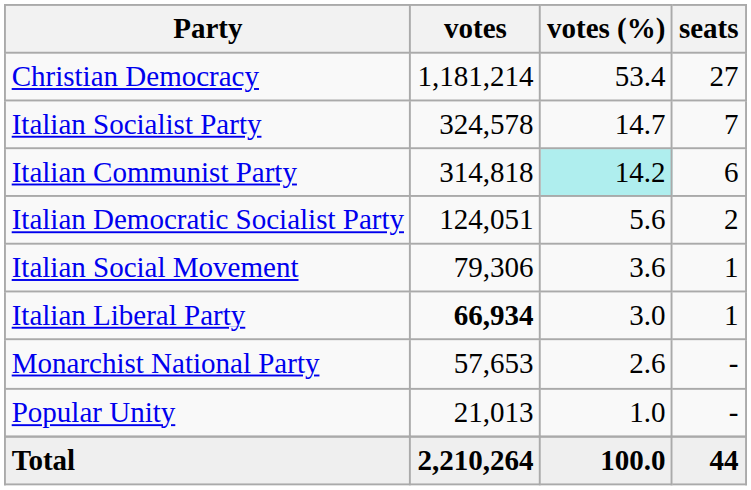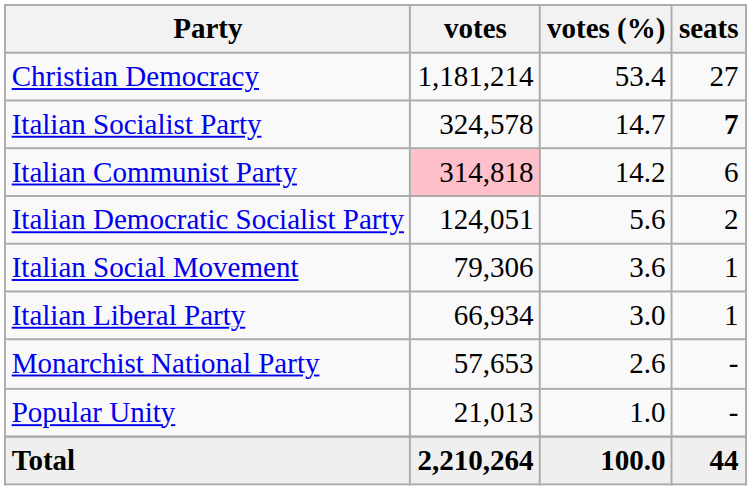 <table class="wikitable" style="font-size:95%">
 <tr bgcolor="EFEFEF">
 <th>Party</th>
 <th>votes</th>
 <th>votes (%)</th>
 <th>seats</th>
 </tr>
 <tr>
 <td><a href='#'>Christian Democracy</a></td>
 <td align=right>1,181,214</td>
 <td align=right>53.4</td>
 <td align=right>27</td>
 </tr>
 <tr>
 <td><a href='#'>Italian Socialist Party</a></td>
 <td align=right>324,578</td>
 <td align=right>14.7</td>
-<td align=right>7</td>
+<td align=right><strong>7</strong></td>
 </tr>
 <tr>
 <td><a href='#'>Italian Communist Party</a></td>
-<td align=right>314,818</td>
-<td align=right style="background: paleturquoise;">14.2</td>
+<td align=right style="background: pink;">314,818</td>
+<td align=right>14.2</td>
 <td align=right>6</td>
 </tr>
 <tr>
 <td><a href='#'>Italian Democratic Socialist Party</a></td>
 <td align=right>124,051</td>
 <td align=right>5.6</td>
 <td align=right>2</td>
 </tr>
 <tr>
 <td><a href='#'>Italian Social Movement</a></td>
 <td align=right>79,306</td>
 <td align=right>3.6</td>
 <td align=right>1</td>
 </tr>
 <tr>
 <td><a href='#'>Italian Liberal Party</a></td>
-<td align=right><strong>66,934</strong></td>
+<td align=right>66,934</td>
 <td align=right>3.0</td>
 <td align=right>1</td>
 </tr>
 <tr>
 <td><a href='#'>Monarchist National Party</a></td>
 <td align=right>57,653</td>
 <td align=right>2.6</td>
 <td align=right>-</td>
 </tr>
 <tr>
 <td><a href='#'>Popular Unity</a></td>
 <td align=right>21,013</td>
 <td align=right>1.0</td>
 <td align=right>-</td>
 </tr>
 <tr>
 </tr>
 <tr bgcolor="EFEFEF">
 <td><strong>Total</strong></td>
 <td align=right><strong>2,210,264</strong></td>
 <td align=right><strong>100.0</strong></td>
 <td align=right><strong>44</strong></td>
 </tr>
 </table>
